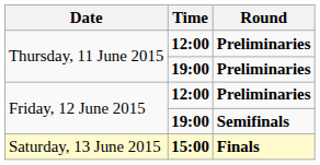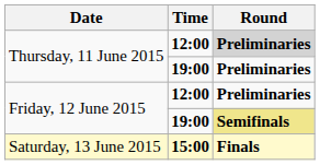 <table class="wikitable">
 <tr>
 <th>Date</th>
 <th>Time</th>
 <th>Round</th>
 </tr>
 <tr>
 <td rowspan="2">Thursday, 11 June 2015</td>
 <td><strong>12:00</strong></td>
-<td><strong>Preliminaries</strong></td>
+<td style="background: lightgrey;"><strong>Preliminaries</strong></td>
 </tr>
 <tr>
 <td><strong>19:00</strong></td>
 <td><strong>Preliminaries</strong></td>
 </tr>
 <tr>
 <td rowspan="2">Friday, 12 June 2015</td>
 <td><strong>12:00</strong></td>
 <td><strong>Preliminaries</strong></td>
 </tr>
 <tr>
 <td><strong>19:00</strong></td>
-<td><strong>Semifinals</strong></td>
+<td style="background: khaki;"><strong>Semifinals</strong></td>
 </tr>
 <tr style="background:lemonchiffon;">
 <td>Saturday, 13 June 2015</td>
 <td><strong>15:00</strong></td>
 <td><strong>Finals</strong></td>
 </tr>
 </table>
